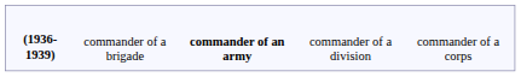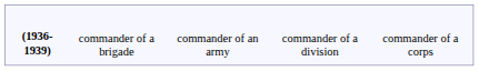 <table style="border:1px solid #8888aa; background-color:#f7f8ff; padding:5px; font-size:95%; margin: 0px 12px 12px 0px;">
 <tr>
 </tr>
 <tr>
 </tr>
 <tr>
 <td align="center" rowspan=2><br><strong>(1936-1939)</strong></td>
 <td align="center" colspan=1></td>
 <td align="center" colspan=1></td>
 <td align="center" colspan=1></td>
 <td align="center" colspan=1></td>
 </tr>
 <tr rowspan="2">
 <td align="center" colspan=1><br>commander of a brigade</td>
-<td align="center" colspan=1><strong><br>commander of an army</strong></td>
+<td align="center" colspan=1><br>commander of an army</td>
 <td align="center" colspan=1><br>commander of a division</td>
 <td align="center" colspan=1><br>commander of a corps</td>
 </tr>
 </table>
